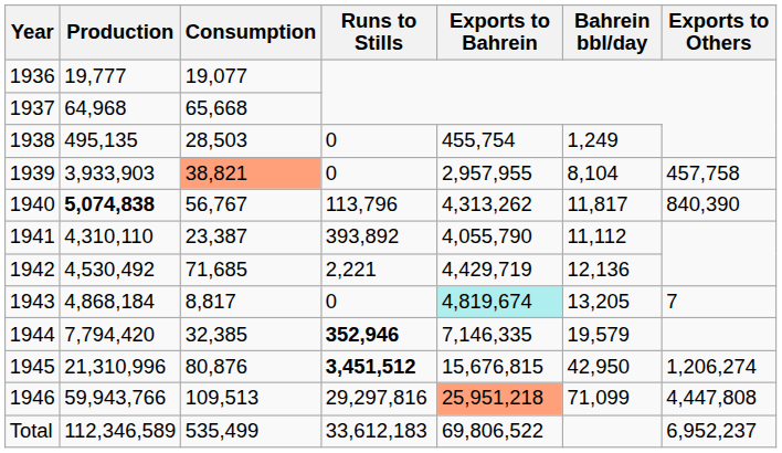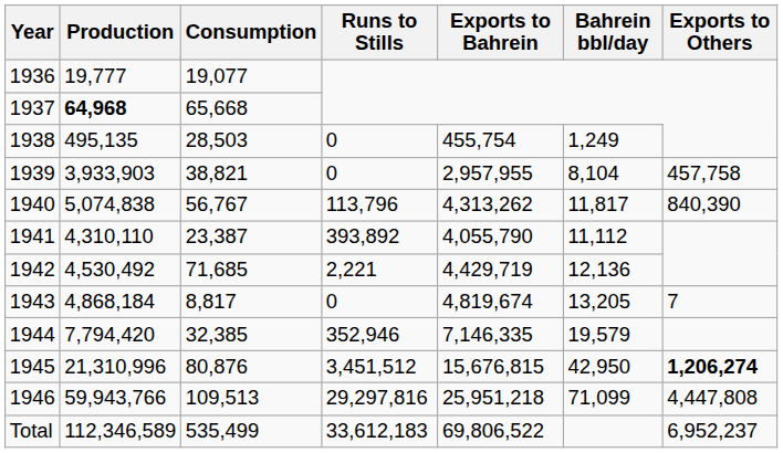 <table class="wikitable defaultright">
 <tr>
 <th>Year</th>
 <th>Production</th>
 <th>Consumption</th>
 <th>Runs to Stills</th>
 <th>Exports to Bahrein</th>
 <th>Bahrein bbl/day</th>
 <th>Exports to Others</th>
 </tr>
 <tr>
 <td>1936</td>
 <td>19,777</td>
 <td>19,077</td>
 </tr>
 <tr>
 <td>1937</td>
-<td>64,968</td>
+<td><strong>64,968</strong></td>
 <td>65,668</td>
 </tr>
 <tr>
 <td>1938</td>
 <td>495,135</td>
 <td>28,503</td>
 <td>0</td>
 <td>455,754</td>
 <td>1,249</td>
 </tr>
 <tr>
 <td>1939</td>
 <td>3,933,903</td>
-<td style="background: lightsalmon;">38,821</td>
+<td>38,821</td>
 <td>0</td>
 <td>2,957,955</td>
 <td>8,104</td>
 <td>457,758</td>
 </tr>
 <tr>
 <td>1940</td>
-<td><strong>5,074,838</strong></td>
+<td>5,074,838</td>
 <td>56,767</td>
 <td>113,796</td>
 <td>4,313,262</td>
 <td>11,817</td>
 <td>840,390</td>
 </tr>
 <tr>
 <td>1941</td>
 <td>4,310,110</td>
 <td>23,387</td>
 <td>393,892</td>
 <td>4,055,790</td>
 <td>11,112</td>
 </tr>
 <tr>
 <td>1942</td>
 <td>4,530,492</td>
 <td>71,685</td>
 <td>2,221</td>
 <td>4,429,719</td>
 <td>12,136</td>
 </tr>
 <tr>
 <td>1943</td>
 <td>4,868,184</td>
 <td>8,817</td>
 <td>0</td>
-<td style="background: paleturquoise;">4,819,674</td>
+<td>4,819,674</td>
 <td>13,205</td>
 <td>7</td>
 </tr>
 <tr>
 <td>1944</td>
 <td>7,794,420</td>
 <td>32,385</td>
-<td><strong>352,946</strong></td>
+<td>352,946</td>
 <td>7,146,335</td>
 <td>19,579</td>
 </tr>
 <tr>
 <td>1945</td>
 <td>21,310,996</td>
 <td>80,876</td>
-<td><strong>3,451,512</strong></td>
+<td>3,451,512</td>
 <td>15,676,815</td>
 <td>42,950</td>
-<td>1,206,274</td>
+<td><strong>1,206,274</strong></td>
 </tr>
 <tr>
 <td>1946</td>
 <td>59,943,766</td>
 <td>109,513</td>
 <td>29,297,816</td>
-<td style="background: lightsalmon;">25,951,218</td>
+<td>25,951,218</td>
 <td>71,099</td>
 <td>4,447,808</td>
 </tr>
 <tr>
 <td>Total</td>
 <td>112,346,589</td>
 <td>535,499</td>
 <td>33,612,183</td>
 <td>69,806,522</td>
 <td></td>
 <td>6,952,237</td>
 </tr>
 </table>
